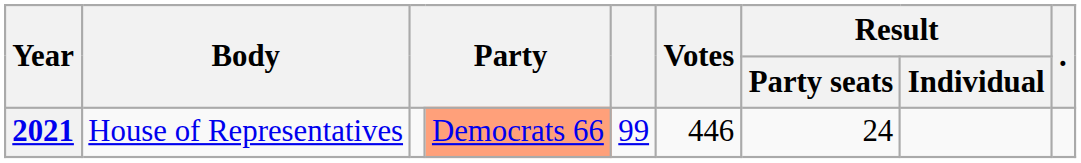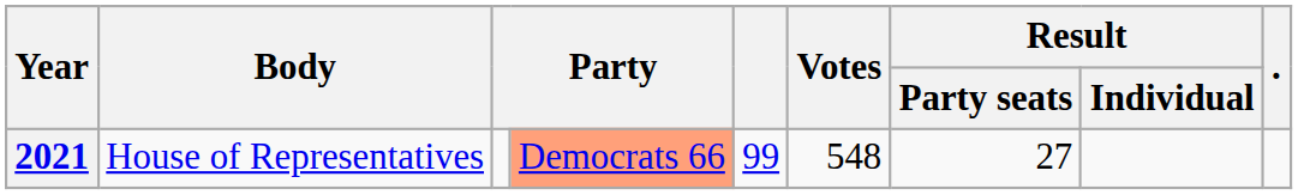 <table class="wikitable plainrowheaders sortable" border=2 cellpadding=4 cellspacing=0 style="border: 1px #aaa solid; font-size: 90%; text-align:center;">
 <tr>
 <th scope="col" rowspan=2>Year</th>
 <th scope="col" rowspan=2>Body</th>
 <th scope="col" colspan=2 rowspan=2>Party</th>
 <th scope="col" rowspan=2></th>
 <th scope="col" rowspan=2>Votes</th>
 <th scope="colgroup" colspan=2>Result</th>
 <th scope="col" rowspan=2 class="unsortable">.</th>
 </tr>
 <tr>
 <th scope="col">Party seats</th>
 <th scope="col">Individual</th>
 </tr>
 <tr>
 <th scope="row"><a href='#'>2021</a></th>
 <td><a href='#'>House of Representatives</a></td>
 <td style="background-color:"></td>
 <td style="background: lightsalmon;"><a href='#'>Democrats 66</a></td>
 <td style=text-align:right><a href='#'>99</a></td>
-<td style=text-align:right>446</td>
-<td style=text-align:right>24</td>
+<td style=text-align:right>548</td>
+<td style=text-align:right>27</td>
 <td></td>
 <td></td>
 </tr>
 </table>
